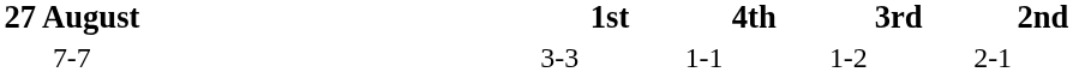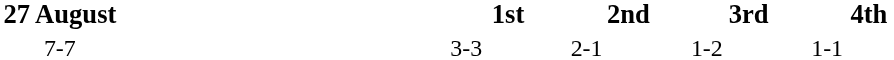 <table width=60% cellspacing=1>
 <tr>
 <th width=20%></th>
 <th width=12%>27 August</th>
 <th width=20%></th>
 <th width=8%>1st</th>
+<th width=8%>2nd</th>
+<th width=8%>3rd</th>
 <th width=8%>4th</th>
-<th width=8%>3rd</th>
-<th width=8%>2nd</th>
 </tr>
 <tr style=font-size:90%>
 <td align=right></td>
 <td align=center>7-7</td>
 <td></td>
 <td>3-3</td>
+<td>2-1</td>
+<td>1-2</td>
 <td>1-1</td>
-<td>1-2</td>
-<td>2-1</td>
 </tr>
 </table>
